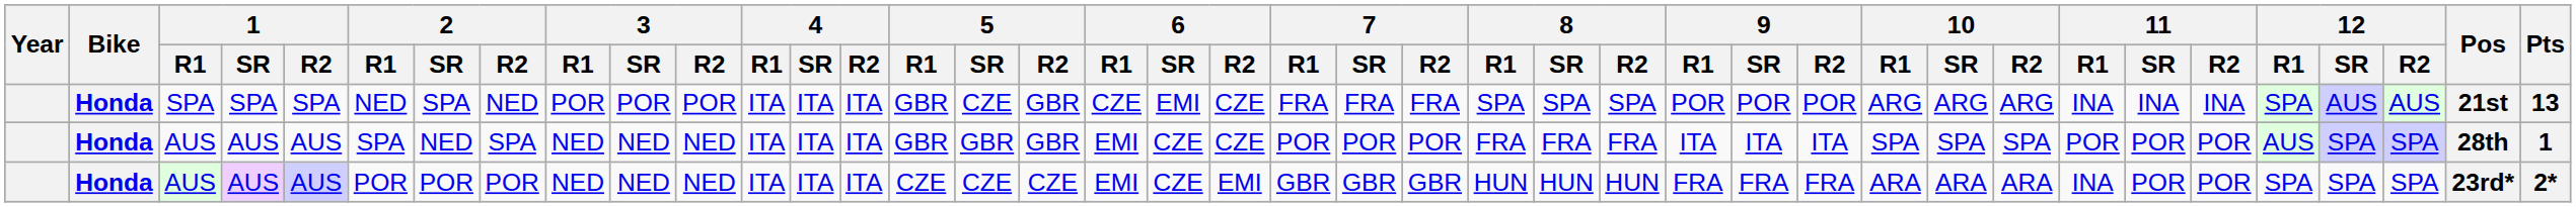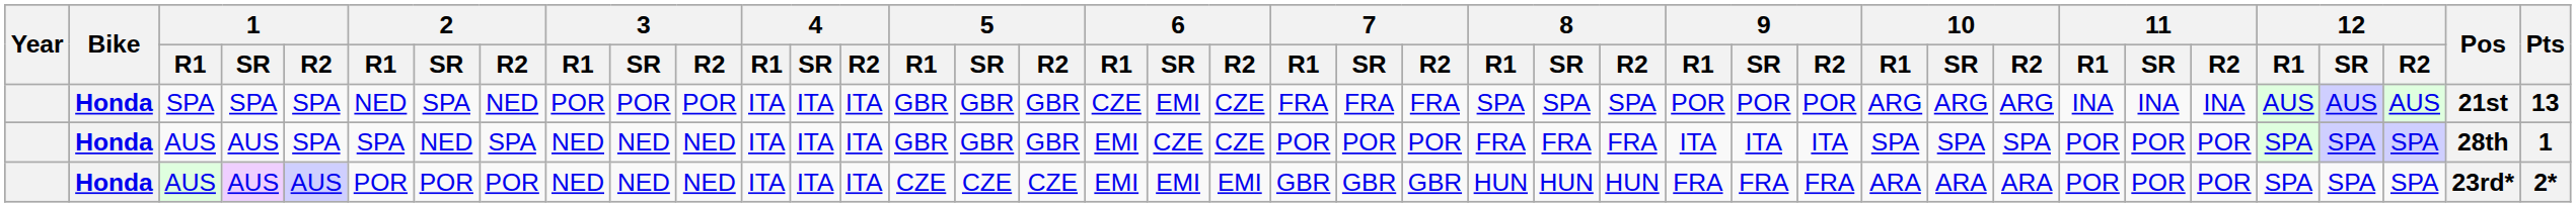 <table class="wikitable" style="text-align:center; font-size:90%;">
 <tr>
 <th rowspan="2">Year</th>
 <th rowspan="2">Bike</th>
 <th colspan="3">1</th>
 <th colspan="3">2</th>
 <th colspan="3">3</th>
 <th colspan="3">4</th>
 <th colspan="3">5</th>
 <th colspan="3">6</th>
 <th colspan="3">7</th>
 <th colspan="3">8</th>
 <th colspan="3">9</th>
 <th colspan="3">10</th>
 <th colspan="3">11</th>
 <th colspan="3">12</th>
 <th rowspan="2">Pos</th>
 <th rowspan="2">Pts</th>
 </tr>
 <tr>
 <th>R1</th>
 <th>SR</th>
 <th>R2</th>
 <th>R1</th>
 <th>SR</th>
 <th>R2</th>
 <th>R1</th>
 <th>SR</th>
 <th>R2</th>
 <th>R1</th>
 <th>SR</th>
 <th>R2</th>
 <th>R1</th>
 <th>SR</th>
 <th>R2</th>
 <th>R1</th>
 <th>SR</th>
 <th>R2</th>
 <th>R1</th>
 <th>SR</th>
 <th>R2</th>
 <th>R1</th>
 <th>SR</th>
 <th>R2</th>
 <th>R1</th>
 <th>SR</th>
 <th>R2</th>
 <th>R1</th>
 <th>SR</th>
 <th>R2</th>
 <th>R1</th>
 <th>SR</th>
 <th>R2</th>
 <th>R1</th>
 <th>SR</th>
 <th>R2</th>
 </tr>
 <tr>
 <th></th>
 <th><a href='#'>Honda</a></th>
 <td><a href='#'>SPA</a></td>
 <td><a href='#'>SPA</a></td>
 <td><a href='#'>SPA</a></td>
 <td><a href='#'>NED</a></td>
 <td><a href='#'>SPA</a></td>
 <td><a href='#'>NED</a></td>
 <td><a href='#'>POR</a></td>
 <td><a href='#'>POR</a></td>
 <td><a href='#'>POR</a></td>
 <td><a href='#'>ITA</a></td>
 <td><a href='#'>ITA</a></td>
 <td><a href='#'>ITA</a></td>
 <td><a href='#'>GBR</a></td>
-<td><a href='#'>CZE</a></td>
+<td><a href='#'>GBR</a></td>
 <td><a href='#'>GBR</a></td>
 <td><a href='#'>CZE</a></td>
 <td><a href='#'>EMI</a></td>
 <td><a href='#'>CZE</a></td>
 <td><a href='#'>FRA</a></td>
 <td><a href='#'>FRA</a></td>
 <td><a href='#'>FRA</a></td>
 <td><a href='#'>SPA</a></td>
 <td><a href='#'>SPA</a></td>
 <td><a href='#'>SPA</a></td>
 <td><a href='#'>POR</a></td>
 <td><a href='#'>POR</a></td>
 <td><a href='#'>POR</a></td>
 <td><a href='#'>ARG</a></td>
 <td><a href='#'>ARG</a></td>
 <td><a href='#'>ARG</a></td>
 <td><a href='#'>INA</a></td>
 <td><a href='#'>INA</a></td>
 <td><a href='#'>INA</a></td>
-<td style="background:#DFFFDF;"><a href='#'>SPA</a><br></td>
+<td style="background:#DFFFDF;"><a href='#'>AUS</a><br></td>
 <td style="background:#CFCFFF;"><a href='#'>AUS</a><br></td>
 <td style="background:#DFFFDF;"><a href='#'>AUS</a><br></td>
 <th>21st</th>
 <th>13</th>
 </tr>
 <tr>
 <th></th>
 <th><a href='#'>Honda</a></th>
 <td><a href='#'>AUS</a></td>
 <td><a href='#'>AUS</a></td>
-<td><a href='#'>AUS</a></td>
+<td><a href='#'>SPA</a></td>
 <td><a href='#'>SPA</a></td>
 <td><a href='#'>NED</a></td>
 <td><a href='#'>SPA</a></td>
 <td><a href='#'>NED</a></td>
 <td><a href='#'>NED</a></td>
 <td><a href='#'>NED</a></td>
 <td><a href='#'>ITA</a></td>
 <td><a href='#'>ITA</a></td>
 <td><a href='#'>ITA</a></td>
 <td><a href='#'>GBR</a></td>
 <td><a href='#'>GBR</a></td>
 <td><a href='#'>GBR</a></td>
 <td><a href='#'>EMI</a></td>
 <td><a href='#'>CZE</a></td>
 <td><a href='#'>CZE</a></td>
 <td><a href='#'>POR</a></td>
 <td><a href='#'>POR</a></td>
 <td><a href='#'>POR</a></td>
 <td><a href='#'>FRA</a></td>
 <td><a href='#'>FRA</a></td>
 <td><a href='#'>FRA</a></td>
 <td><a href='#'>ITA</a></td>
 <td><a href='#'>ITA</a></td>
 <td><a href='#'>ITA</a></td>
 <td><a href='#'>SPA</a></td>
 <td><a href='#'>SPA</a></td>
 <td><a href='#'>SPA</a></td>
 <td><a href='#'>POR</a></td>
 <td><a href='#'>POR</a></td>
 <td><a href='#'>POR</a></td>
-<td style="background:#DFFFDF;"><a href='#'>AUS</a><br></td>
+<td style="background:#DFFFDF;"><a href='#'>SPA</a><br></td>
 <td style="background:#CFCFFF;"><a href='#'>SPA</a><br></td>
 <td style="background:#CFCFFF;"><a href='#'>SPA</a><br></td>
 <th>28th</th>
 <th>1</th>
 </tr>
 <tr>
 <th></th>
 <th><a href='#'>Honda</a></th>
 <td style="background:#DFFFDF;"><a href='#'>AUS</a><br></td>
 <td style="background:#EFCFFF;"><a href='#'>AUS</a><br></td>
 <td style="background:#CFCFFF;"><a href='#'>AUS</a><br></td>
 <td><a href='#'>POR</a></td>
 <td><a href='#'>POR</a></td>
 <td><a href='#'>POR</a></td>
 <td><a href='#'>NED</a></td>
 <td><a href='#'>NED</a></td>
 <td><a href='#'>NED</a></td>
 <td><a href='#'>ITA</a></td>
 <td><a href='#'>ITA</a></td>
 <td><a href='#'>ITA</a></td>
 <td><a href='#'>CZE</a></td>
 <td><a href='#'>CZE</a></td>
 <td><a href='#'>CZE</a></td>
 <td><a href='#'>EMI</a></td>
-<td><a href='#'>CZE</a></td>
+<td><a href='#'>EMI</a></td>
 <td><a href='#'>EMI</a></td>
 <td><a href='#'>GBR</a></td>
 <td><a href='#'>GBR</a></td>
 <td><a href='#'>GBR</a></td>
 <td><a href='#'>HUN</a></td>
 <td><a href='#'>HUN</a></td>
 <td><a href='#'>HUN</a></td>
 <td><a href='#'>FRA</a></td>
 <td><a href='#'>FRA</a></td>
 <td><a href='#'>FRA</a></td>
 <td><a href='#'>ARA</a></td>
 <td><a href='#'>ARA</a></td>
 <td><a href='#'>ARA</a></td>
-<td><a href='#'>INA</a></td>
+<td><a href='#'>POR</a></td>
 <td><a href='#'>POR</a></td>
 <td><a href='#'>POR</a></td>
 <td><a href='#'>SPA</a></td>
 <td><a href='#'>SPA</a></td>
 <td><a href='#'>SPA</a></td>
 <th>23rd*</th>
 <th>2*</th>
 </tr>
 </table>
